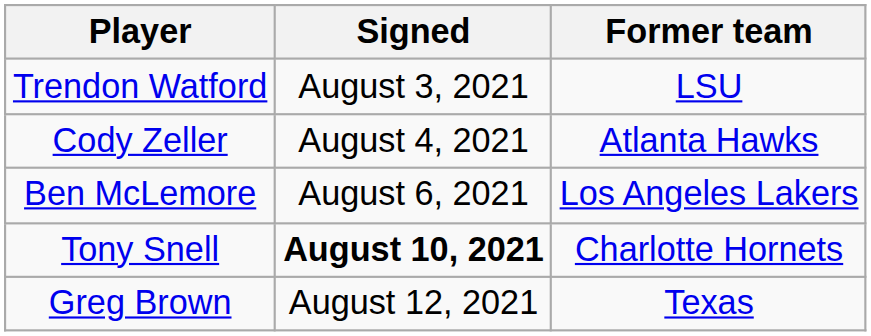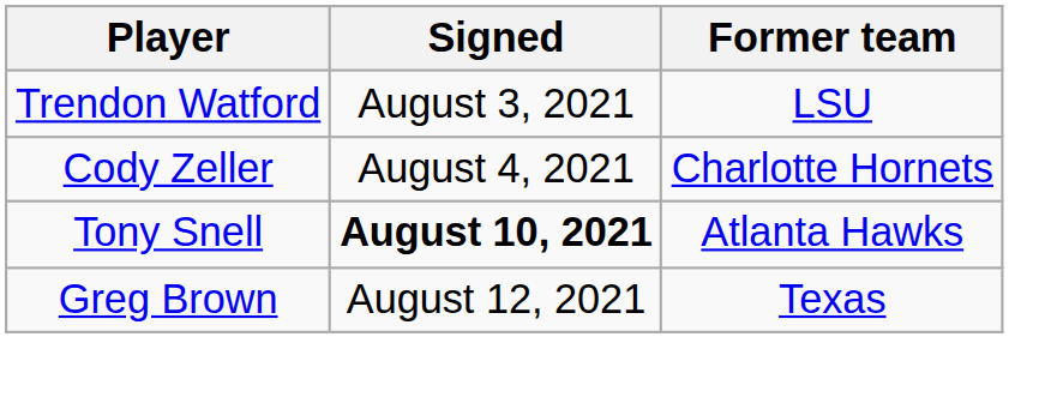 <table class="wikitable sortable sortable" style="text-align: center">
 <tr>
 <th>Player</th>
 <th>Signed</th>
 <th>Former team</th>
 </tr>
 <tr>
 <td><a href='#'>Trendon Watford</a></td>
 <td>August 3, 2021</td>
 <td><a href='#'>LSU</a></td>
 </tr>
 <tr>
 <td><a href='#'>Cody Zeller</a></td>
 <td>August 4, 2021</td>
-<td><a href='#'>Atlanta Hawks</a></td>
-</tr>
-<tr>
-<td><a href='#'>Ben McLemore</a></td>
-<td>August 6, 2021</td>
-<td><a href='#'>Los Angeles Lakers</a></td>
+<td><a href='#'>Charlotte Hornets</a></td>
 </tr>
 <tr>
 <td><a href='#'>Tony Snell</a></td>
 <td><strong>August 10, 2021</strong></td>
-<td><a href='#'>Charlotte Hornets</a></td>
+<td><a href='#'>Atlanta Hawks</a></td>
 </tr>
 <tr>
 <td><a href='#'>Greg Brown</a></td>
 <td>August 12, 2021</td>
 <td><a href='#'>Texas</a></td>
 </tr>
 </table>
